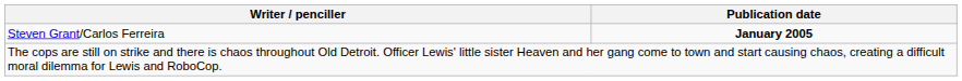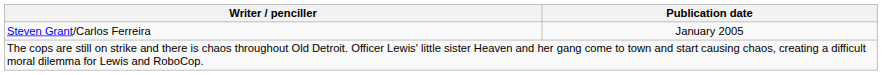 <table class="wikitable">
 <tr>
 <th>Writer / penciller</th>
 <th>Publication date</th>
 </tr>
 <tr>
 <td><a href='#'>Steven Grant</a>/Carlos Ferreira</td>
-<td align="center"><strong>January 2005</strong></td>
+<td align="center">January 2005</td>
 </tr>
 <tr>
 <td colspan="6">The cops are still on strike and there is chaos throughout Old Detroit. Officer Lewis' little sister Heaven and her gang come to town and start causing chaos, creating a difficult moral dilemma for Lewis and RoboCop.</td>
 </tr>
 </table>
